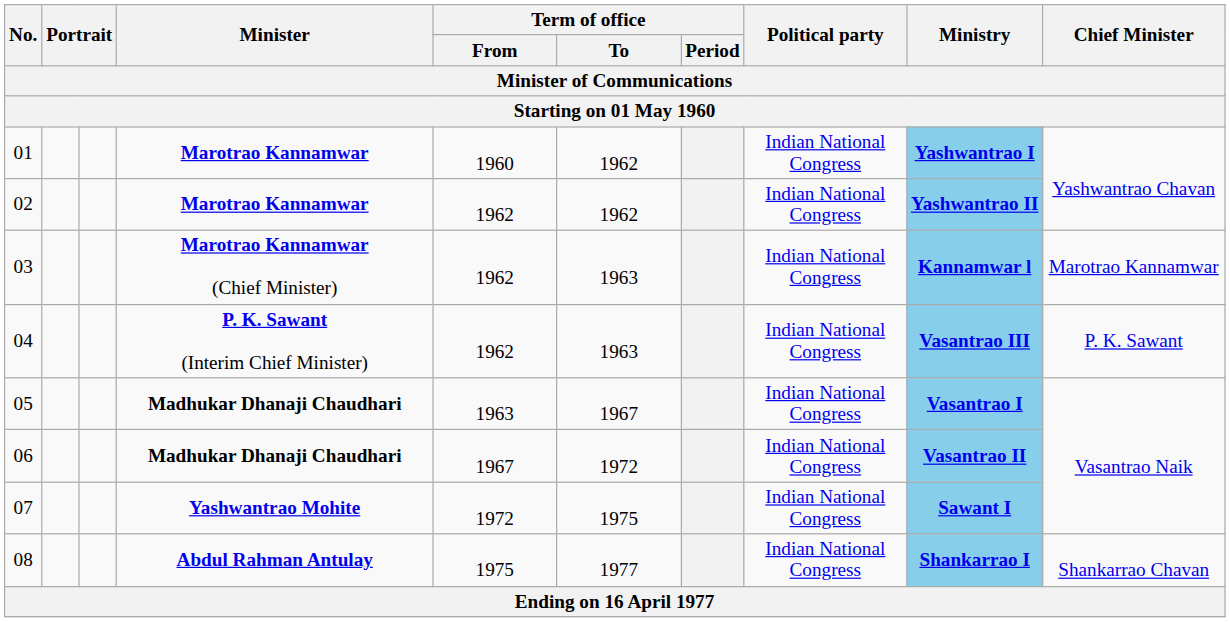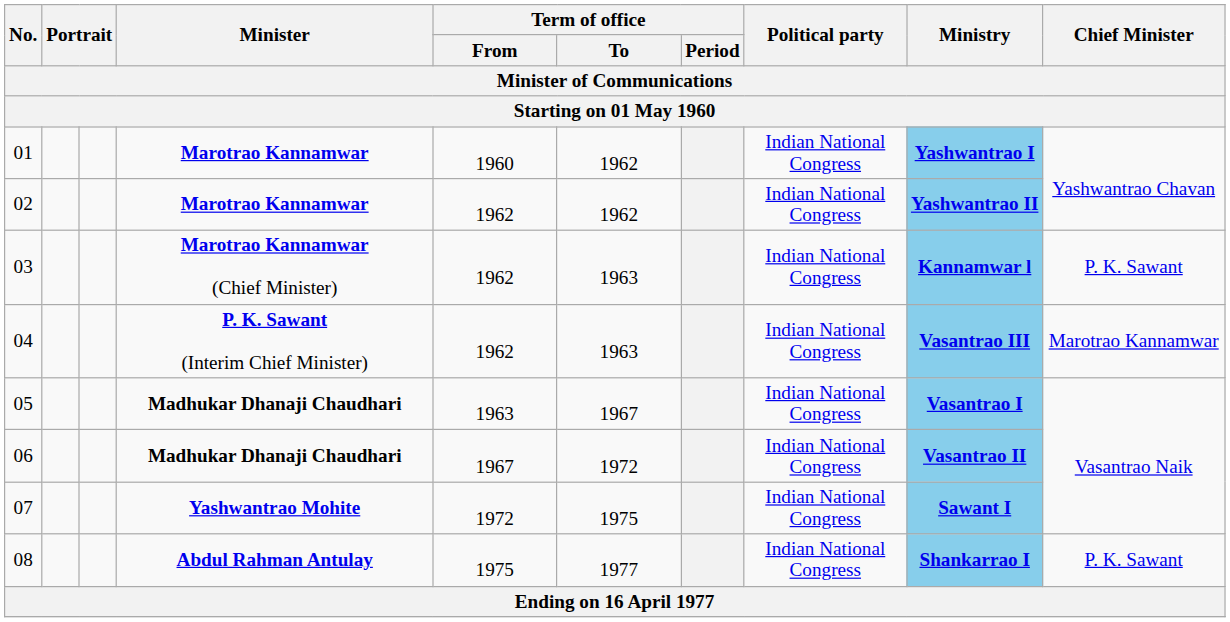 <table class="wikitable" style="text-align:center">
 <tr>
 <th rowspan="2">No.</th>
 <th rowspan="2" colspan="2">Portrait</th>
 <th rowspan="2" style="width:16em">Minister<br></th>
 <th colspan="3">Term of office</th>
 <th rowspan="2" style="width:8em">Political party</th>
 <th rowspan="2">Ministry</th>
 <th rowspan="2" style="width:9em">Chief Minister</th>
 </tr>
 <tr>
 <th style="width:6em">From</th>
 <th style="width:6em">To</th>
 <th>Period</th>
 </tr>
 <tr>
 <th colspan="10">Minister of Communications</th>
 </tr>
 <tr>
 <th colspan="10">Starting on 01 May 1960</th>
 </tr>
 <tr>
 <td>01</td>
 <td style="color:inherit;background:"></td>
 <td></td>
 <td><strong><a href='#'>Marotrao Kannamwar</a></strong> <br> </td>
 <td><br>1960</td>
 <td><br>1962</td>
 <th></th>
 <td><a href='#'>Indian National Congress</a></td>
 <td bgcolor="#87CEEB"><a href='#'><strong>Yashwantrao I</strong></a></td>
 <td rowspan="2"> <br><a href='#'>Yashwantrao Chavan</a></td>
 </tr>
 <tr>
 <td>02</td>
 <td style="color:inherit;background:"></td>
 <td></td>
 <td><strong><a href='#'>Marotrao Kannamwar</a></strong> <br> </td>
 <td><br>1962</td>
 <td><br>1962</td>
 <th></th>
 <td><a href='#'>Indian National Congress</a></td>
 <td bgcolor="#87CEEB"><a href='#'><strong>Yashwantrao II</strong></a></td>
 </tr>
 <tr>
 <td>03</td>
 <td style="color:inherit;background:"></td>
 <td></td>
 <td><strong><a href='#'>Marotrao Kannamwar</a></strong> <br> <br>(Chief Minister)</td>
 <td><br>1962</td>
 <td><br>1963</td>
 <th></th>
 <td><a href='#'>Indian National Congress</a></td>
 <td bgcolor="#87CEEB"><a href='#'><strong>Kannamwar l</strong></a></td>
-<td><a href='#'>Marotrao Kannamwar</a></td>
+<td><a href='#'>P. K. Sawant</a></td>
 </tr>
 <tr>
 <td>04</td>
 <td style="color:inherit;background:"></td>
 <td></td>
 <td><strong><a href='#'>P. K. Sawant</a></strong> <br>  <br>(Interim Chief Minister)</td>
 <td><br>1962</td>
 <td><br>1963</td>
 <th></th>
 <td><a href='#'>Indian National Congress</a></td>
 <td bgcolor="#87CEEB"><a href='#'><strong>Vasantrao III</strong></a></td>
-<td><a href='#'>P. K. Sawant</a></td>
+<td><a href='#'>Marotrao Kannamwar</a></td>
 </tr>
 <tr>
 <td>05</td>
 <td style="color:inherit;background:"></td>
 <td></td>
 <td><strong>Madhukar Dhanaji Chaudhari</strong> <br> </td>
 <td><br>1963</td>
 <td><br>1967</td>
 <th></th>
 <td><a href='#'>Indian National Congress</a></td>
 <td bgcolor="#87CEEB"><a href='#'><strong>Vasantrao I</strong></a></td>
 <td rowspan="3"><br><a href='#'>Vasantrao Naik</a></td>
 </tr>
 <tr>
 <td>06</td>
 <td style="color:inherit;background:"></td>
 <td></td>
 <td><strong>Madhukar Dhanaji Chaudhari</strong> <br> </td>
 <td><br>1967</td>
 <td><br>1972</td>
 <th></th>
 <td><a href='#'>Indian National Congress</a></td>
 <td rowspan="1" bgcolor="#87CEEB"><a href='#'><strong>Vasantrao II</strong></a></td>
 </tr>
 <tr>
 <td>07</td>
 <td style="color:inherit;background:"></td>
 <td></td>
 <td><strong><a href='#'>Yashwantrao Mohite</a></strong> <br> </td>
 <td><br>1972</td>
 <td><br>1975</td>
 <th></th>
 <td><a href='#'>Indian National Congress</a></td>
 <td bgcolor="#87CEEB"><a href='#'><strong>Sawant I</strong></a></td>
 </tr>
 <tr>
 <td>08</td>
 <td style="color:inherit;background:"></td>
 <td></td>
 <td><strong><a href='#'>Abdul Rahman Antulay</a></strong> <br> </td>
 <td><br>1975</td>
 <td><br>1977</td>
 <th></th>
 <td><a href='#'>Indian National Congress</a></td>
 <td bgcolor="#87CEEB"><a href='#'><strong>Shankarrao I</strong></a></td>
-<td><br><a href='#'>Shankarrao Chavan</a></td>
+<td><a href='#'>P. K. Sawant</a></td>
 </tr>
 <tr>
 <th colspan="10">Ending on 16 April 1977</th>
 </tr>
 <tr>
 </tr>
 </table>
